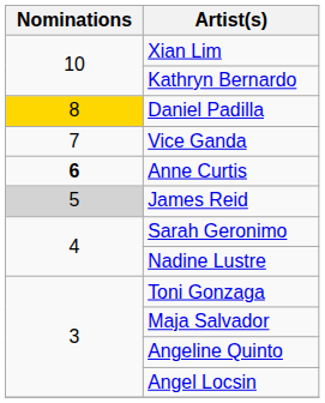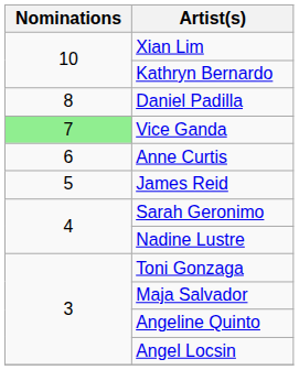 <table class="wikitable"  style="width:30%;">
 <tr>
 <th scope="col">Nominations</th>
 <th scope="col">Artist(s)</th>
 </tr>
 <tr>
 <td align=center rowspan=2>10</td>
 <td><a href='#'>Xian Lim</a></td>
 </tr>
 <tr>
 <td><a href='#'>Kathryn Bernardo</a></td>
 </tr>
 <tr>
-<td align=center style="background: gold;">8</td>
+<td align=center>8</td>
 <td><a href='#'>Daniel Padilla</a></td>
 </tr>
 <tr>
-<td align=center>7</td>
+<td align=center style="background: lightgreen;">7</td>
 <td><a href='#'>Vice Ganda</a></td>
 </tr>
 <tr>
-<td align=center><strong>6</strong></td>
+<td align=center>6</td>
 <td><a href='#'>Anne Curtis</a></td>
 </tr>
 <tr>
-<td align=center style="background: lightgrey;">5</td>
+<td align=center>5</td>
 <td><a href='#'>James Reid</a></td>
 </tr>
 <tr>
 <td align=center rowspan=2>4</td>
 <td><a href='#'>Sarah Geronimo</a></td>
 </tr>
 <tr>
 <td><a href='#'>Nadine Lustre</a></td>
 </tr>
 <tr>
 <td align=center rowspan=4>3</td>
 <td><a href='#'>Toni Gonzaga</a></td>
 </tr>
 <tr>
 <td><a href='#'>Maja Salvador</a></td>
 </tr>
 <tr>
 <td><a href='#'>Angeline Quinto</a></td>
 </tr>
 <tr>
 <td><a href='#'>Angel Locsin</a></td>
 </tr>
 <tr>
 </tr>
 </table>
